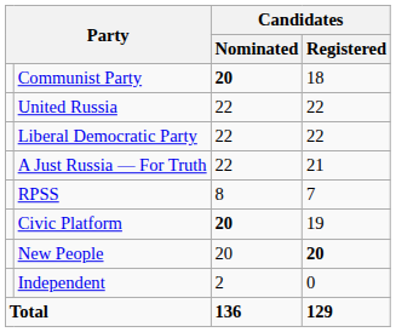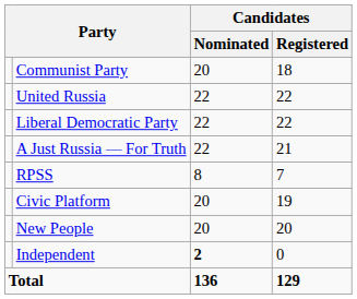 <table class="wikitable sortable" style="background: #f9f9f9; text-align:left; font-size: 95%">
 <tr>
 <th align=center rowspan=2 colspan=2>Party</th>
 <th align=center colspan=2>Candidates</th>
 </tr>
 <tr>
 <th align=center>Nominated</th>
 <th align=center>Registered</th>
 </tr>
 <tr>
 <td></td>
 <td><a href='#'>Communist Party</a></td>
-<td><strong>20</strong></td>
+<td>20</td>
 <td>18</td>
 </tr>
 <tr>
 <td></td>
 <td><a href='#'>United Russia</a></td>
 <td>22</td>
 <td>22</td>
 </tr>
 <tr>
 <td></td>
 <td><a href='#'>Liberal Democratic Party</a></td>
 <td>22</td>
 <td>22</td>
 </tr>
 <tr>
 <td></td>
 <td><a href='#'>A Just Russia — For Truth</a></td>
 <td>22</td>
 <td>21</td>
 </tr>
 <tr>
 <td></td>
 <td><a href='#'>RPSS</a></td>
 <td>8</td>
 <td>7</td>
 </tr>
 <tr>
 <td></td>
 <td><a href='#'>Civic Platform</a></td>
-<td><strong>20</strong></td>
+<td>20</td>
 <td>19</td>
 </tr>
 <tr>
 <td></td>
 <td><a href='#'>New People</a></td>
 <td>20</td>
-<td><strong>20</strong></td>
+<td>20</td>
 </tr>
 <tr>
 <td></td>
 <td><a href='#'>Independent</a></td>
-<td>2</td>
+<td><strong>2</strong></td>
 <td>0</td>
 </tr>
 <tr>
 <td colspan=2><strong>Total</strong></td>
 <td><strong>136</strong></td>
 <td><strong>129</strong></td>
 </tr>
 </table>
